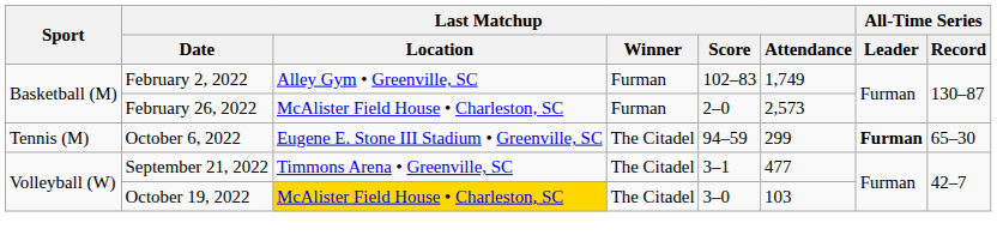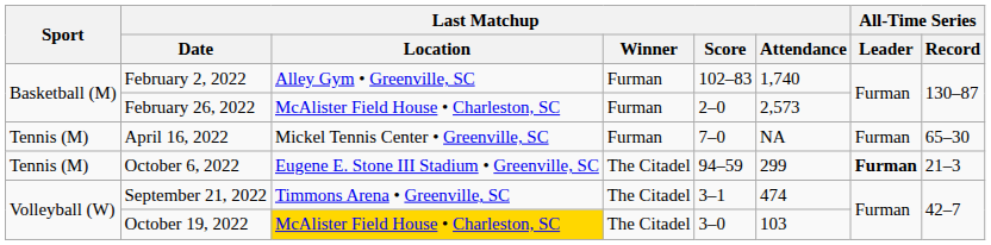 <table class="wikitable" style="text-align:left; font-size: 95%;">
 <tr>
 <th rowspan=2>Sport</th>
 <th colspan=5>Last Matchup</th>
 <th colspan=2>All-Time Series</th>
 </tr>
 <tr>
 <th>Date</th>
 <th>Location</th>
 <th>Winner</th>
 <th>Score</th>
 <th>Attendance</th>
 <th>Leader</th>
 <th>Record</th>
 </tr>
 <tr>
 <td rowspan=2>Basketball (M)</td>
 <td>February 2, 2022</td>
 <td><a href='#'>Alley Gym</a> • <a href='#'>Greenville, SC</a></td>
 <td>Furman</td>
 <td>102–83</td>
-<td>1,749</td>
+<td>1,740</td>
 <td rowspan=2>Furman</td>
 <td rowspan=2>130–87</td>
 </tr>
 <tr>
 <td>February 26, 2022</td>
 <td><a href='#'>McAlister Field House</a> • <a href='#'>Charleston, SC</a></td>
 <td>Furman</td>
 <td>2–0</td>
 <td>2,573</td>
 </tr>
 <tr>
 <td>Tennis (M)</td>
+<td>April 16, 2022</td>
+<td>Mickel Tennis Center • <a href='#'>Greenville, SC</a></td>
+<td>Furman</td>
+<td>7–0</td>
+<td>NA</td>
+<td>Furman</td>
+<td>65–30</td>
+</tr>
+<tr>
+<td>Tennis (M)</td>
 <td>October 6, 2022</td>
 <td><a href='#'>Eugene E. Stone III Stadium</a> • <a href='#'>Greenville, SC</a></td>
 <td>The Citadel</td>
 <td>94–59</td>
 <td>299</td>
 <td><strong>Furman</strong></td>
-<td>65–30</td>
+<td>21–3</td>
 </tr>
 <tr>
 <td rowspan=2>Volleyball (W)</td>
 <td>September 21, 2022</td>
 <td><a href='#'>Timmons Arena</a> • <a href='#'>Greenville, SC</a></td>
 <td>The Citadel</td>
 <td>3–1</td>
-<td>477</td>
+<td>474</td>
 <td rowspan=2>Furman</td>
 <td rowspan=2>42–7</td>
 </tr>
 <tr>
 <td>October 19, 2022</td>
 <td style="background: gold;"><a href='#'>McAlister Field House</a> • <a href='#'>Charleston, SC</a></td>
 <td>The Citadel</td>
 <td>3–0</td>
 <td>103</td>
 </tr>
 </table>
